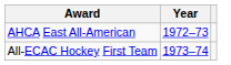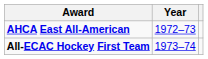 <table class="wikitable">
 <tr>
 <th>Award</th>
 <th>Year</th>
 <th></th>
 </tr>
 <tr>
-<td><a href='#'>AHCA</a> <a href='#'>East All-American</a></td>
+<td><strong><a href='#'>AHCA</a> <a href='#'>East All-American</a></strong></td>
 <td><a href='#'>1972–73</a></td>
 <td></td>
 </tr>
 <tr>
-<td>All-<a href='#'>ECAC Hockey</a> <a href='#'>First Team</a></td>
+<td><strong>All-<a href='#'>ECAC Hockey</a> <a href='#'>First Team</a></strong></td>
 <td><a href='#'>1973–74</a></td>
 <td></td>
 </tr>
 </table>
